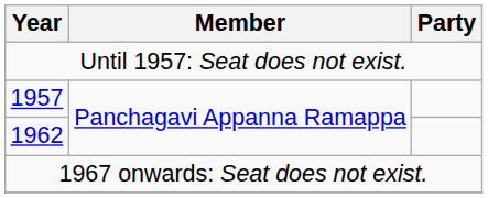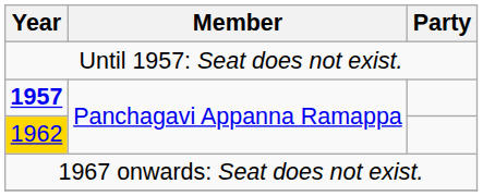 <table class="wikitable sortable">
 <tr>
 <th>Year</th>
 <th>Member</th>
 <th colspan="2">Party</th>
 </tr>
 <tr>
 <td colspan=4 align=center>Until 1957: <em>Seat does not exist.</em></td>
 </tr>
 <tr>
-<td><a href='#'>1957</a></td>
+<td><strong><a href='#'>1957</a></strong></td>
 <td rowspan=2><a href='#'>Panchagavi Appanna Ramappa</a></td>
 <td></td>
 </tr>
 <tr>
-<td><a href='#'>1962</a></td>
+<td style="background: gold;"><a href='#'>1962</a></td>
 </tr>
 <tr>
 <td colspan=4 align=center>1967 onwards: <em>Seat does not exist.</em></td>
 </tr>
 <tr>
 </tr>
 </table>
